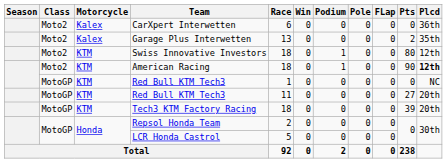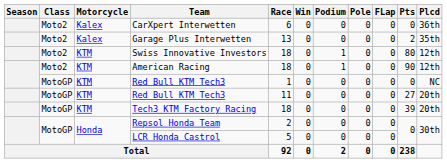 <table class="wikitable" style=text-align:right;">
 <tr>
 <th>Season</th>
 <th>Class</th>
 <th>Motorcycle</th>
 <th>Team</th>
 <th>Race</th>
 <th>Win</th>
 <th>Podium</th>
 <th>Pole</th>
 <th>FLap</th>
 <th>Pts</th>
 <th>Plcd</th>
 </tr>
 <tr>
 <th></th>
 <td style="text-align:left;">Moto2</td>
 <td style="text-align:left;"><a href='#'>Kalex</a></td>
 <td style="text-align:left;">CarXpert Interwetten</td>
 <td>6</td>
 <td>0</td>
 <td>0</td>
 <td>0</td>
 <td>0</td>
 <td>0</td>
 <td>36th</td>
 </tr>
 <tr>
 <th></th>
 <td style="text-align:left;">Moto2</td>
 <td style="text-align:left;"><a href='#'>Kalex</a></td>
 <td style="text-align:left;">Garage Plus Interwetten</td>
 <td>13</td>
 <td>0</td>
 <td>0</td>
 <td>0</td>
 <td>0</td>
 <td>2</td>
 <td>35th</td>
 </tr>
 <tr>
 <th></th>
 <td style="text-align:left;">Moto2</td>
 <td style="text-align:left;"><a href='#'>KTM</a></td>
 <td style="text-align:left;">Swiss Innovative Investors</td>
 <td>18</td>
 <td>0</td>
 <td>1</td>
 <td>0</td>
 <td>0</td>
 <td>80</td>
 <td>12th</td>
 </tr>
 <tr>
 <th rowspan="2"></th>
 <td style="text-align:left;">Moto2</td>
 <td style="text-align:left;"><a href='#'>KTM</a></td>
 <td style="text-align:left;">American Racing</td>
 <td>18</td>
 <td>0</td>
 <td>1</td>
 <td>0</td>
 <td>0</td>
 <td>90</td>
-<td><strong>12th</strong></td>
+<td>12th</td>
 </tr>
 <tr>
 <td style="text-align:left;">MotoGP</td>
 <td style="text-align:left;"><a href='#'>KTM</a></td>
 <td style="text-align:left;"><a href='#'>Red Bull KTM Tech3</a></td>
 <td>1</td>
 <td>0</td>
 <td>0</td>
 <td>0</td>
 <td>0</td>
 <td>0</td>
 <td>NC</td>
 </tr>
 <tr>
 <th></th>
 <td style="text-align:left;">MotoGP</td>
 <td style="text-align:left;"><a href='#'>KTM</a></td>
 <td style="text-align:left;"><a href='#'>Red Bull KTM Tech3</a></td>
 <td>11</td>
 <td>0</td>
 <td>0</td>
 <td>0</td>
 <td>0</td>
 <td>27</td>
 <td>20th</td>
 </tr>
 <tr>
 <th></th>
 <td style="text-align:left;">MotoGP</td>
 <td style="text-align:left;"><a href='#'>KTM</a></td>
 <td style="text-align:left;"><a href='#'>Tech3 KTM Factory Racing</a></td>
 <td>18</td>
 <td>0</td>
 <td>0</td>
 <td>0</td>
 <td>0</td>
 <td>39</td>
 <td>20th</td>
 </tr>
 <tr>
 <th rowspan="2"></th>
 <td style="text-align:left;" rowspan="2">MotoGP</td>
 <td style="text-align:left;" rowspan="2"><a href='#'>Honda</a></td>
 <td style="text-align:left;"><a href='#'>Repsol Honda Team</a></td>
 <td>2</td>
 <td>0</td>
 <td>0</td>
 <td>0</td>
 <td>0</td>
 <td rowspan="2">0</td>
 <td rowspan="2">30th</td>
 </tr>
 <tr>
 <td style="text-align:left;"><a href='#'>LCR Honda Castrol</a></td>
 <td>5</td>
 <td>0</td>
 <td>0</td>
 <td>0</td>
 <td>0</td>
 </tr>
 <tr>
 <th colspan="4">Total</th>
 <td><strong>92</strong></td>
 <td><strong>0</strong></td>
 <td><strong>2</strong></td>
 <td><strong>0</strong></td>
 <td><strong>0</strong></td>
 <td><strong>238</strong></td>
 <td></td>
 </tr>
 </table>
